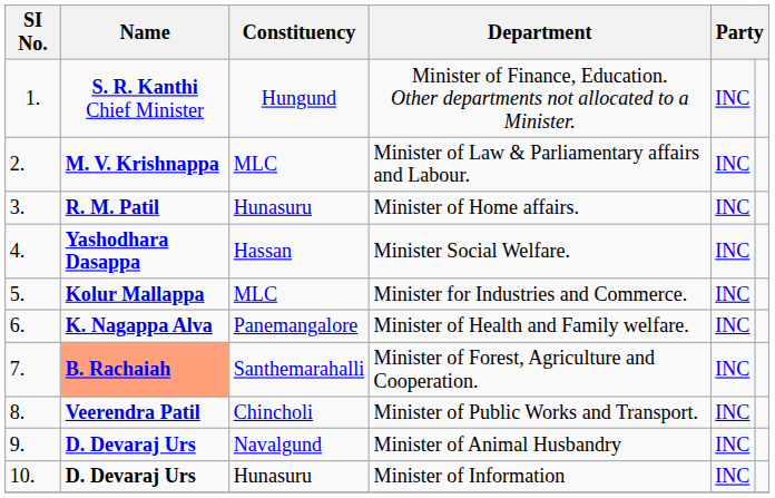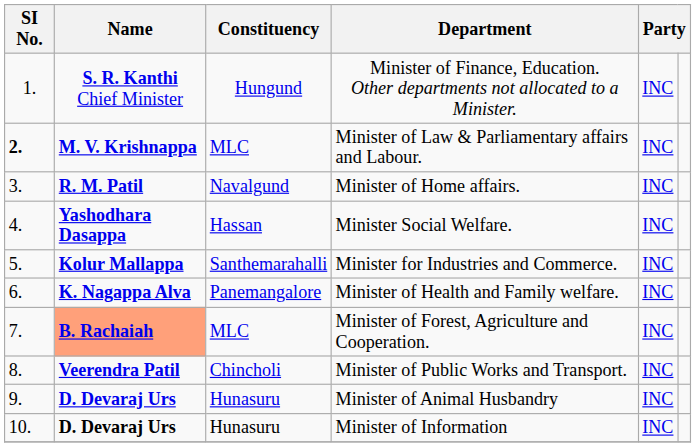 <table class ="wikitable">
 <tr>
 <th>SI No.</th>
 <th>Name</th>
 <th>Constituency</th>
 <th>Department</th>
 <th colspan="2" scope="col">Party</th>
 </tr>
 <tr style="text-align:center; height:60px;">
 <td>1.</td>
 <td><strong><a href='#'>S. R. Kanthi</a></strong><br><a href='#'>Chief Minister</a></td>
 <td><a href='#'>Hungund</a></td>
 <td>Minister of Finance, Education.<br><em>Other departments not allocated to a Minister.</em></td>
 <td><a href='#'>INC</a></td>
 <td width="4px" style="background-color: "></td>
 </tr>
 <tr>
-<td>2.</td>
+<td><strong>2.</strong></td>
 <td><strong><a href='#'>M. V. Krishnappa</a></strong></td>
 <td><a href='#'>MLC</a></td>
 <td>Minister of Law & Parliamentary affairs and Labour.</td>
 <td><a href='#'>INC</a></td>
 <td width="4px" style="background-color: "></td>
 </tr>
 <tr>
 <td>3.</td>
 <td><strong><a href='#'>R. M. Patil</a></strong></td>
-<td><a href='#'>Hunasuru</a></td>
+<td><a href='#'>Navalgund</a></td>
 <td>Minister of Home affairs.</td>
 <td><a href='#'>INC</a></td>
 <td width="4px" style="background-color: "></td>
 </tr>
 <tr>
 <td>4.</td>
 <td><strong><a href='#'>Yashodhara Dasappa</a></strong></td>
 <td><a href='#'>Hassan</a></td>
 <td>Minister Social Welfare.</td>
 <td><a href='#'>INC</a></td>
 <td width="4px" style="background-color: "></td>
 </tr>
 <tr>
 <td>5.</td>
 <td><strong><a href='#'>Kolur Mallappa</a></strong></td>
-<td><a href='#'>MLC</a></td>
+<td><a href='#'>Santhemarahalli</a></td>
 <td>Minister for Industries and Commerce.</td>
 <td><a href='#'>INC</a></td>
 <td width="4px" style="background-color: "></td>
 </tr>
 <tr>
 <td>6.</td>
 <td><strong><a href='#'>K. Nagappa Alva</a></strong></td>
 <td><a href='#'>Panemangalore</a></td>
 <td>Minister of Health and Family welfare.</td>
 <td><a href='#'>INC</a></td>
 <td width="4px" style="background-color: "></td>
 </tr>
 <tr>
 <td>7.</td>
 <td style="background: lightsalmon;"><strong><a href='#'>B. Rachaiah</a></strong></td>
-<td><a href='#'>Santhemarahalli</a></td>
+<td><a href='#'>MLC</a></td>
 <td>Minister of Forest, Agriculture and Cooperation.</td>
 <td><a href='#'>INC</a></td>
 <td width="4px" style="background-color: "></td>
 </tr>
 <tr>
 <td>8.</td>
 <td><strong><a href='#'>Veerendra Patil</a></strong></td>
 <td><a href='#'>Chincholi</a></td>
 <td>Minister of Public Works and Transport.</td>
 <td><a href='#'>INC</a></td>
 <td width="4px" style="background-color: "></td>
 </tr>
 <tr>
 <td>9.</td>
 <td><strong><a href='#'>D. Devaraj Urs</a></strong></td>
-<td><a href='#'>Navalgund</a></td>
+<td><a href='#'>Hunasuru</a></td>
 <td>Minister of Animal Husbandry</td>
 <td><a href='#'>INC</a></td>
 <td width="4px" style="background-color: "></td>
 </tr>
 <tr>
 <td>10.</td>
 <td><strong>D. Devaraj Urs</strong></td>
 <td>Hunasuru</td>
 <td>Minister of Information</td>
 <td><a href='#'>INC</a></td>
 <td width="4px" style="background-color: "></td>
 </tr>
 <tr>
 </tr>
 </table>
